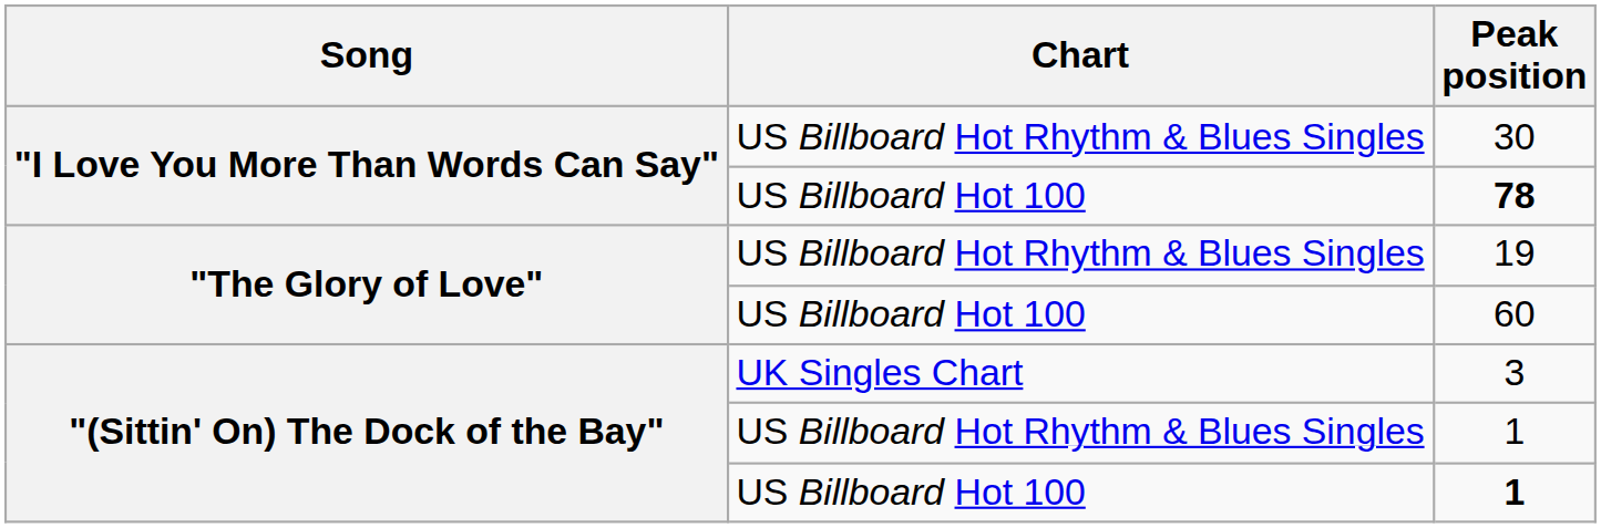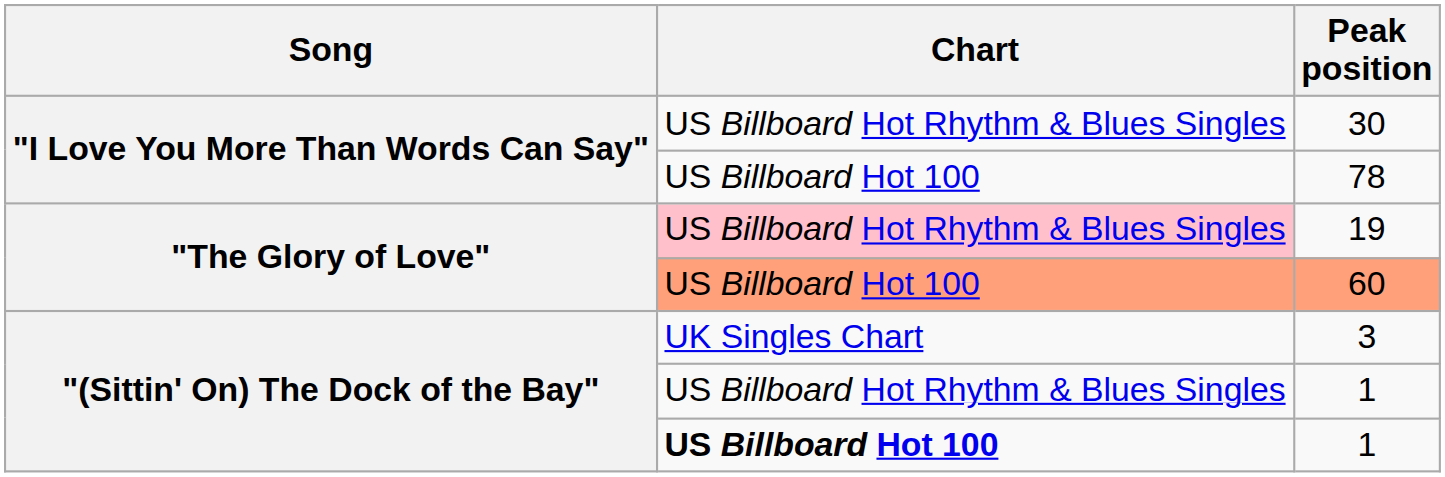 <table class="wikitable plainrowheaders">
 <tr>
 <th>Song</th>
 <th>Chart</th>
 <th>Peak <br> position</th>
 </tr>
 <tr>
 <th scope="row" rowspan=2>"I Love You More Than Words Can Say"</th>
 <td>US <em>Billboard</em> <a href='#'>Hot Rhythm & Blues Singles</a></td>
 <td align="center">30</td>
 </tr>
 <tr>
 <td>US <em>Billboard</em> <a href='#'>Hot 100</a></td>
-<td align="center"><strong>78</strong></td>
+<td align="center">78</td>
 </tr>
 <tr>
 <th scope="row" rowspan=2>"The Glory of Love"</th>
-<td>US <em>Billboard</em> <a href='#'>Hot Rhythm & Blues Singles</a></td>
+<td style="background: pink;">US <em>Billboard</em> <a href='#'>Hot Rhythm & Blues Singles</a></td>
 <td align="center">19</td>
 </tr>
 <tr>
-<td>US <em>Billboard</em> <a href='#'>Hot 100</a></td>
-<td align="center">60</td>
+<td style="background: lightsalmon;">US <em>Billboard</em> <a href='#'>Hot 100</a></td>
+<td align="center" style="background: lightsalmon;">60</td>
 </tr>
 <tr>
 <th scope="row" rowspan=3>"(Sittin' On) The Dock of the Bay"</th>
 <td><a href='#'>UK Singles Chart</a></td>
 <td align="center">3</td>
 </tr>
 <tr>
 <td>US <em>Billboard</em> <a href='#'>Hot Rhythm & Blues Singles</a></td>
 <td align="center">1</td>
 </tr>
 <tr>
-<td>US <em>Billboard</em> <a href='#'>Hot 100</a></td>
-<td align="center"><strong>1</strong></td>
+<td><strong>US <em>Billboard</em> <a href='#'>Hot 100</a></strong></td>
+<td align="center">1</td>
 </tr>
 </table>
